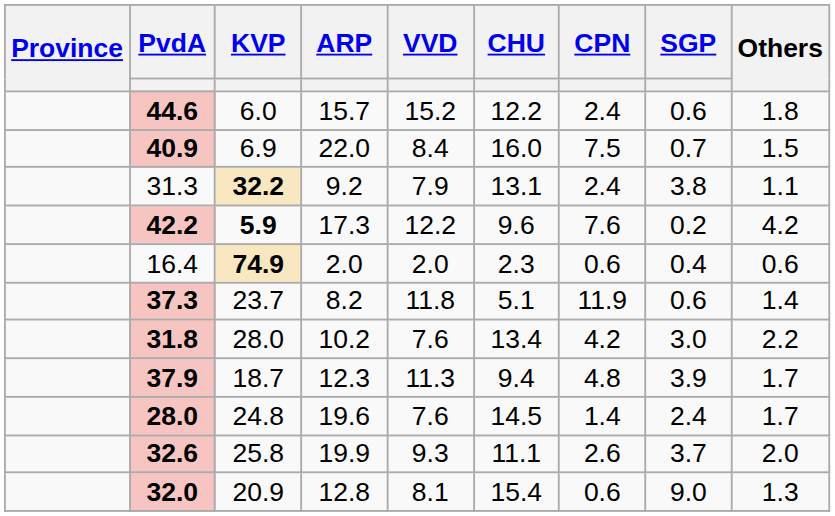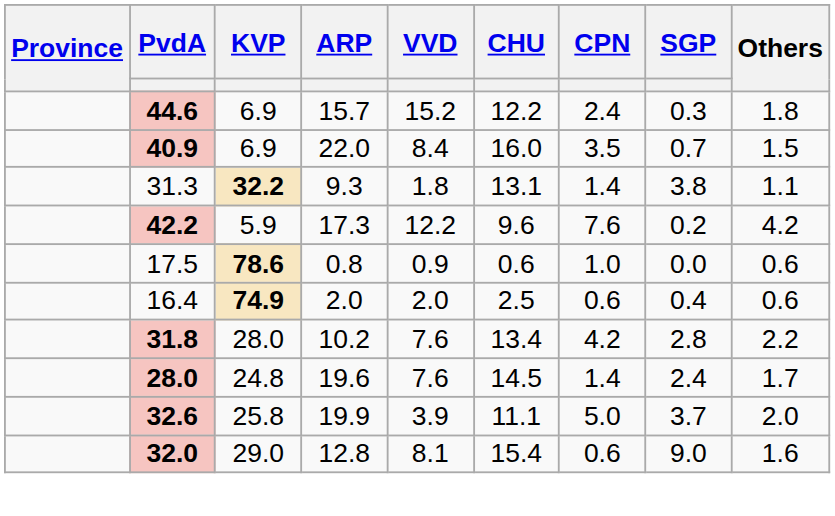 <table class="wikitable sortable" style="text-align:center;font-size:90%;line-height:14px">
 <tr style="height:40px;">
 <th rowspan="2"><a href='#'>Province</a></th>
 <th style="width:40px;"><a href='#'>PvdA</a></th>
 <th style="width:40px;"><a href='#'>KVP</a></th>
 <th style="width:40px;"><a href='#'>ARP</a></th>
 <th style="width:40px;"><a href='#'>VVD</a></th>
 <th style="width:40px;"><a href='#'>CHU</a></th>
 <th style="width:40px;"><a href='#'>CPN</a></th>
 <th style="width:40px;"><a href='#'>SGP</a></th>
 <th style="width:40px;" rowspan="2">Others</th>
 </tr>
 <tr>
 <th style="background:"></th>
 <th style="background:"></th>
 <th style="background:"></th>
 <th style="background:"></th>
 <th style="background:"></th>
 <th style="background:"></th>
 <th style="background:"></th>
 </tr>
 <tr>
 <td align="left"></td>
 <td style="background:#F6C5C1;"><strong>44.6</strong></td>
-<td>6.0</td>
+<td>6.9</td>
 <td>15.7</td>
 <td>15.2</td>
 <td>12.2</td>
 <td>2.4</td>
-<td>0.6</td>
+<td>0.3</td>
 <td>1.8</td>
 </tr>
 <tr>
 <td align="left"></td>
 <td style="background:#F6C5C1;"><strong>40.9</strong></td>
 <td>6.9</td>
 <td>22.0</td>
 <td>8.4</td>
 <td>16.0</td>
-<td>7.5</td>
+<td>3.5</td>
 <td>0.7</td>
 <td>1.5</td>
 </tr>
 <tr>
 <td align="left"></td>
 <td>31.3</td>
 <td style="background:#f8e7c1;"><strong>32.2</strong></td>
-<td>9.2</td>
-<td>7.9</td>
+<td>9.3</td>
+<td>1.8</td>
 <td>13.1</td>
-<td>2.4</td>
+<td>1.4</td>
 <td>3.8</td>
 <td>1.1</td>
 </tr>
 <tr>
 <td align="left"></td>
 <td style="background:#F6C5C1;"><strong>42.2</strong></td>
-<td><strong>5.9</strong></td>
+<td>5.9</td>
 <td>17.3</td>
 <td>12.2</td>
 <td>9.6</td>
 <td>7.6</td>
 <td>0.2</td>
 <td>4.2</td>
 </tr>
 <tr>
 <td align="left"></td>
+<td>17.5</td>
+<td style="background:#f8e7c1;"><strong>78.6</strong></td>
+<td>0.8</td>
+<td>0.9</td>
+<td>0.6</td>
+<td>1.0</td>
+<td>0.0</td>
+<td>0.6</td>
+</tr>
+<tr>
+<td align="left"></td>
 <td>16.4</td>
 <td style="background:#f8e7c1;"><strong>74.9</strong></td>
 <td>2.0</td>
 <td>2.0</td>
-<td>2.3</td>
+<td>2.5</td>
 <td>0.6</td>
 <td>0.4</td>
 <td>0.6</td>
-</tr>
-<tr>
-<td align="left"></td>
-<td style="background:#F6C5C1;"><strong>37.3</strong></td>
-<td>23.7</td>
-<td>8.2</td>
-<td>11.8</td>
-<td>5.1</td>
-<td>11.9</td>
-<td>0.6</td>
-<td>1.4</td>
 </tr>
 <tr>
 <td align="left"></td>
 <td style="background:#F6C5C1;"><strong>31.8</strong></td>
 <td>28.0</td>
 <td>10.2</td>
 <td>7.6</td>
 <td>13.4</td>
 <td>4.2</td>
-<td>3.0</td>
+<td>2.8</td>
 <td>2.2</td>
-</tr>
-<tr>
-<td align="left"></td>
-<td style="background:#F6C5C1;"><strong>37.9</strong></td>
-<td>18.7</td>
-<td>12.3</td>
-<td>11.3</td>
-<td>9.4</td>
-<td>4.8</td>
-<td>3.9</td>
-<td>1.7</td>
 </tr>
 <tr>
 <td align="left"></td>
 <td style="background:#F6C5C1;"><strong>28.0</strong></td>
 <td>24.8</td>
 <td>19.6</td>
 <td>7.6</td>
 <td>14.5</td>
 <td>1.4</td>
 <td>2.4</td>
 <td>1.7</td>
 </tr>
 <tr>
 <td align="left"></td>
 <td style="background:#F6C5C1;"><strong>32.6</strong></td>
 <td>25.8</td>
 <td>19.9</td>
-<td>9.3</td>
+<td>3.9</td>
 <td>11.1</td>
-<td>2.6</td>
+<td>5.0</td>
 <td>3.7</td>
 <td>2.0</td>
 </tr>
 <tr>
 <td align="left"></td>
 <td style="background:#F6C5C1;"><strong>32.0</strong></td>
-<td>20.9</td>
+<td>29.0</td>
 <td>12.8</td>
 <td>8.1</td>
 <td>15.4</td>
 <td>0.6</td>
 <td>9.0</td>
-<td>1.3</td>
+<td>1.6</td>
 </tr>
 </table>
